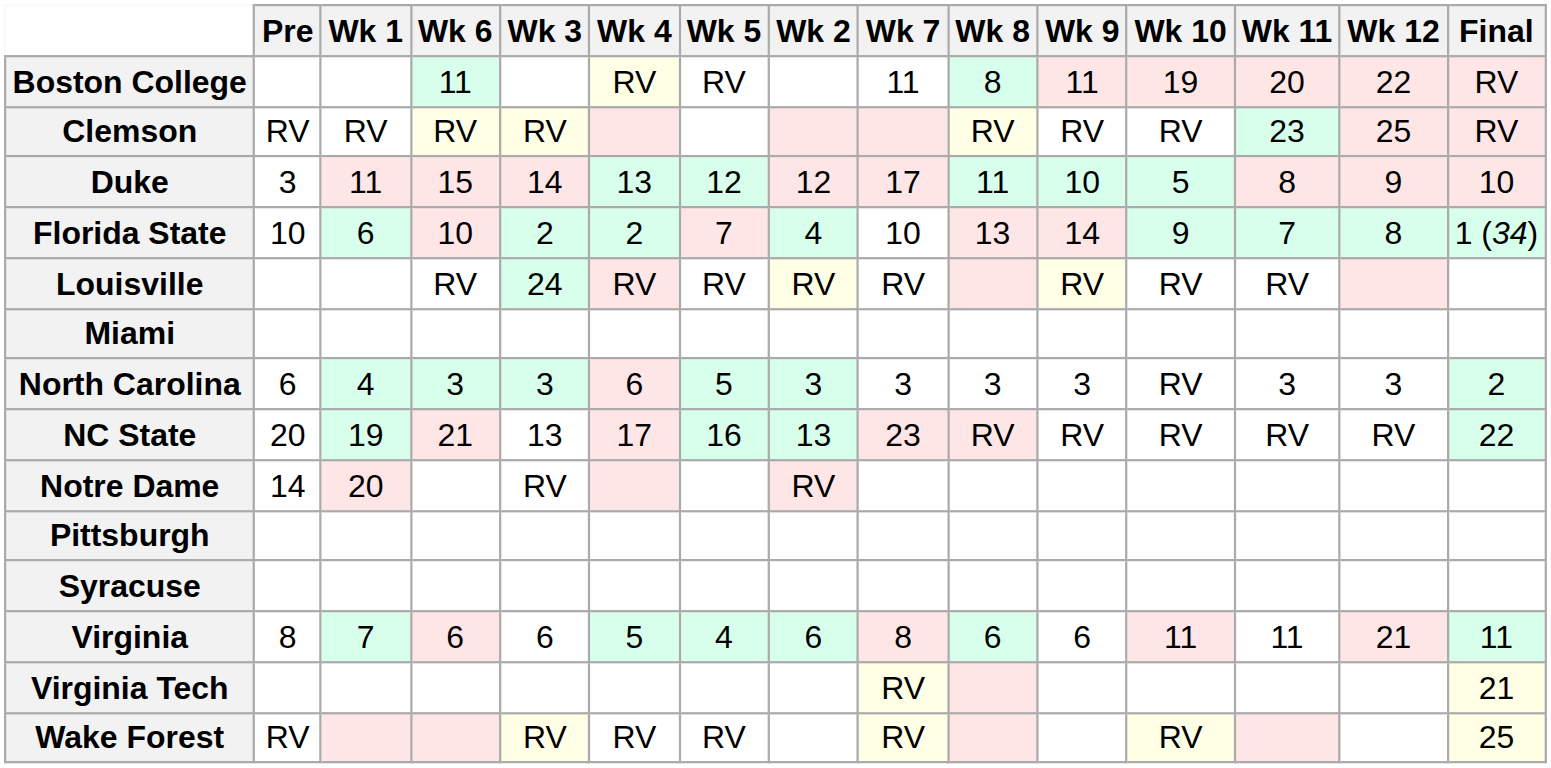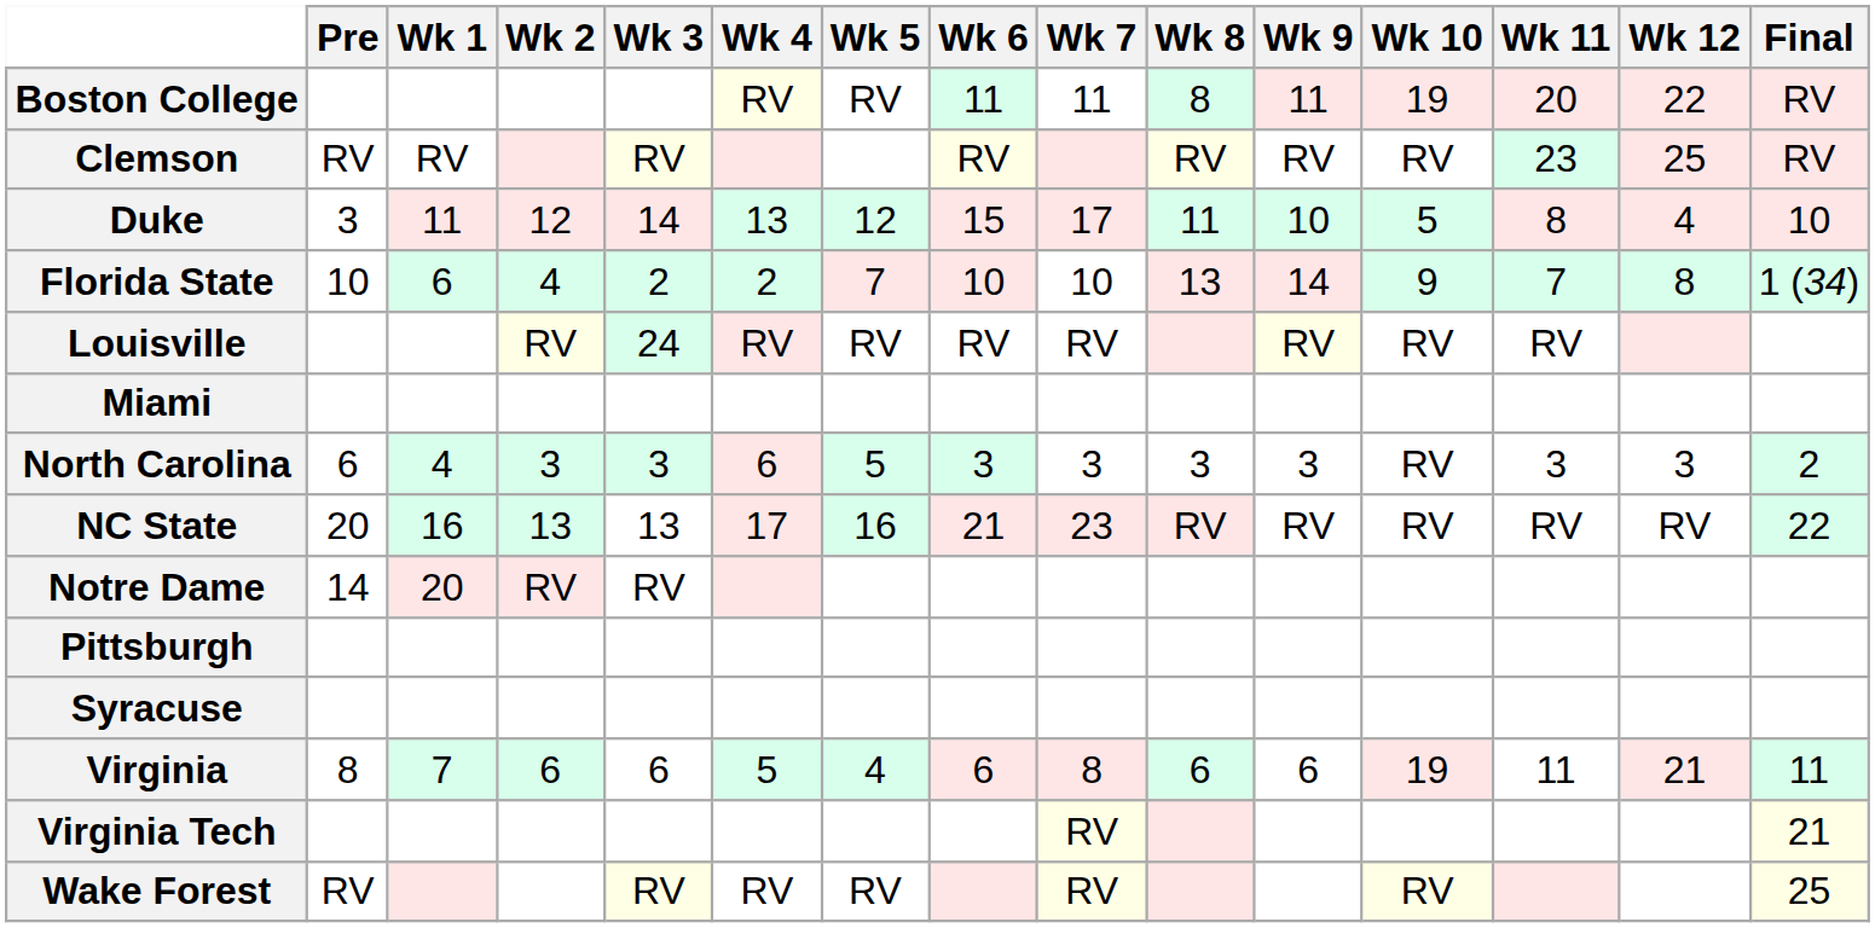 <table class="wikitable" style="white-space:nowrap;font-size:90%;">
 <tr>
 <th colspan=1 style="background:white; border-top-style:hidden; border-left-style:hidden;"> </th>
 <th>Pre <br></th>
 <th>Wk 1 <br></th>
-<th>Wk 6 <br></th>
+<th>Wk 2 <br></th>
 <th>Wk 3 <br></th>
 <th>Wk 4 <br></th>
 <th>Wk 5 <br></th>
-<th>Wk 2 <br></th>
+<th>Wk 6 <br></th>
 <th>Wk 7 <br></th>
 <th>Wk 8 <br></th>
 <th>Wk 9 <br></th>
 <th>Wk 10 <br></th>
 <th>Wk 11 <br></th>
 <th>Wk 12 <br></th>
 <th>Final <br></th>
 </tr>
 <tr style="text-align:center;">
 <th>Boston College</th>
 <td style="background:#FFF;"></td>
 <td style="background:#FFF;"></td>
-<td style="background:#D8FFEB;"> 11</td>
+<td style="background:#FFF;"></td>
 <td style="background:#FFF;"></td>
 <td style="background:#FFFFE6;"> RV</td>
 <td style="background:#FFF;"> RV</td>
-<td style="background:#FFF;"></td>
+<td style="background:#D8FFEB;"> 11</td>
 <td style="background:#FFF;"> 11</td>
 <td style="background:#D8FFEB;"> 8</td>
 <td style="background:#FFE6E6;"> 11</td>
 <td style="background:#FFE6E6;"> 19</td>
 <td style="background:#FFE6E6;"> 20</td>
 <td style="background:#FFE6E6;"> 22</td>
 <td style="background:#FFE6E6;"> RV</td>
 </tr>
 <tr style="text-align:center;">
 <th>Clemson</th>
 <td style="background:#FFF;"> RV</td>
 <td style="background:#FFF;"> RV</td>
-<td style="background:#FFFFE6;"> RV</td>
+<td style="background:#FFE6E6;"></td>
 <td style="background:#FFFFE6;"> RV</td>
 <td style="background:#FFE6E6;"></td>
 <td style="background:#FFF;"></td>
-<td style="background:#FFE6E6;"></td>
+<td style="background:#FFFFE6;"> RV</td>
 <td style="background:#FFE6E6;"></td>
 <td style="background:#FFFFE6;"> RV</td>
 <td style="background:#FFF;"> RV</td>
 <td style="background:#FFF;"> RV</td>
 <td style="background:#D8FFEB;"> 23</td>
 <td style="background:#FFE6E6;"> 25</td>
 <td style="background:#FFE6E6;"> RV</td>
 </tr>
 <tr style="text-align:center;">
 <th>Duke</th>
 <td style="background:#FFF;"> 3</td>
 <td style="background:#FFE6E6;"> 11</td>
-<td style="background:#FFE6E6;"> 15</td>
+<td style="background:#FFE6E6;"> 12</td>
 <td style="background:#FFE6E6;"> 14</td>
 <td style="background:#D8FFEB;"> 13</td>
 <td style="background:#D8FFEB;"> 12</td>
-<td style="background:#FFE6E6;"> 12</td>
+<td style="background:#FFE6E6;"> 15</td>
 <td style="background:#FFE6E6;"> 17</td>
 <td style="background:#D8FFEB;"> 11</td>
 <td style="background:#D8FFEB;"> 10</td>
 <td style="background:#D8FFEB;"> 5</td>
 <td style="background:#FFE6E6;"> 8</td>
-<td style="background:#FFE6E6;"> 9</td>
+<td style="background:#FFE6E6;"> 4</td>
 <td style="background:#FFE6E6;"> 10</td>
 </tr>
 <tr style="text-align:center;">
 <th>Florida State</th>
 <td style="background:#FFF;"> 10</td>
 <td style="background:#D8FFEB;"> 6</td>
-<td style="background:#FFE6E6;"> 10</td>
+<td style="background:#D8FFEB;"> 4</td>
 <td style="background:#D8FFEB;"> 2</td>
 <td style="background:#D8FFEB;"> 2</td>
 <td style="background:#FFE6E6;"> 7</td>
-<td style="background:#D8FFEB;"> 4</td>
+<td style="background:#FFE6E6;"> 10</td>
 <td style="background:#FFF;"> 10</td>
 <td style="background:#FFE6E6;"> 13</td>
 <td style="background:#FFE6E6;"> 14</td>
 <td style="background:#D8FFEB;"> 9</td>
 <td style="background:#D8FFEB;"> 7</td>
 <td style="background:#D8FFEB;"> 8</td>
 <td style="background:#D8FFEB;"> 1 (<em>34</em>)</td>
 </tr>
 <tr style="text-align:center;">
 <th>Louisville</th>
 <td style="background:#FFF;"></td>
 <td style="background:#FFF;"></td>
-<td style="background:#FFF;"> RV</td>
+<td style="background:#FFFFE6;"> RV</td>
 <td style="background:#D8FFEB;"> 24</td>
 <td style="background:#FFE6E6;"> RV</td>
 <td style="background:#FFF;"> RV</td>
-<td style="background:#FFFFE6;"> RV</td>
+<td style="background:#FFF;"> RV</td>
 <td style="background:#FFF;"> RV</td>
 <td style="background:#FFE6E6;"></td>
 <td style="background:#FFFFE6;"> RV</td>
 <td style="background:#FFF;"> RV</td>
 <td style="background:#FFF;"> RV</td>
 <td style="background:#FFE6E6;"></td>
 <td style="background:#FFF;"></td>
 </tr>
 <tr style="text-align:center;">
 <th>Miami</th>
 <td style="background:#FFF;"></td>
 <td style="background:#FFF;"></td>
 <td style="background:#FFF;"></td>
 <td style="background:#FFF;"></td>
 <td style="background:#FFF;"></td>
 <td style="background:#FFF;"></td>
 <td style="background:#FFF;"></td>
 <td style="background:#FFF;"></td>
 <td style="background:#FFF;"></td>
 <td style="background:#FFF;"></td>
 <td style="background:#FFF;"></td>
 <td style="background:#FFF;"></td>
 <td style="background:#FFF;"></td>
 <td style="background:#FFF;"></td>
 </tr>
 <tr style="text-align:center;">
 <th>North Carolina</th>
 <td style="background:#FFF;"> 6</td>
 <td style="background:#D8FFEB;"> 4</td>
 <td style="background:#D8FFEB;"> 3</td>
 <td style="background:#D8FFEB;"> 3</td>
 <td style="background:#FFE6E6;"> 6</td>
 <td style="background:#D8FFEB;"> 5</td>
 <td style="background:#D8FFEB;"> 3</td>
 <td style="background:#FFF;"> 3</td>
 <td style="background:#FFF;"> 3</td>
 <td style="background:#FFF;"> 3</td>
 <td style="background:#FFF;"> RV</td>
 <td style="background:#FFF;"> 3</td>
 <td style="background:#FFF;"> 3</td>
 <td style="background:#D8FFEB;"> 2</td>
 </tr>
 <tr style="text-align:center;">
 <th>NC State</th>
 <td style="background:#FFF;"> 20</td>
-<td style="background:#D8FFEB;"> 19</td>
-<td style="background:#FFE6E6;"> 21</td>
+<td style="background:#D8FFEB;"> 16</td>
+<td style="background:#D8FFEB;"> 13</td>
 <td style="background:#FFF;"> 13</td>
 <td style="background:#FFE6E6;"> 17</td>
 <td style="background:#D8FFEB;"> 16</td>
-<td style="background:#D8FFEB;"> 13</td>
+<td style="background:#FFE6E6;"> 21</td>
 <td style="background:#FFE6E6;"> 23</td>
 <td style="background:#FFE6E6;"> RV</td>
 <td style="background:#FFF;"> RV</td>
 <td style="background:#FFF;"> RV</td>
 <td style="background:#FFF;"> RV</td>
 <td style="background:#FFF;"> RV</td>
 <td style="background:#D8FFEB;"> 22</td>
 </tr>
 <tr style="text-align:center;">
 <th>Notre Dame</th>
 <td style="background:#FFF;"> 14</td>
 <td style="background:#FFE6E6;"> 20</td>
-<td style="background:#FFF;"></td>
+<td style="background:#FFE6E6;"> RV</td>
 <td style="background:#FFF;"> RV</td>
 <td style="background:#FFE6E6;"></td>
 <td style="background:#FFF;"></td>
-<td style="background:#FFE6E6;"> RV</td>
+<td style="background:#FFF;"></td>
 <td style="background:#FFF;"></td>
 <td style="background:#FFF;"></td>
 <td style="background:#FFF;"></td>
 <td style="background:#FFF;"></td>
 <td style="background:#FFF;"></td>
 <td style="background:#FFF;"></td>
 <td style="background:#FFF;"></td>
 </tr>
 <tr style="text-align:center;">
 <th>Pittsburgh</th>
 <td style="background:#FFF;"></td>
 <td style="background:#FFF;"></td>
 <td style="background:#FFF;"></td>
 <td style="background:#FFF;"></td>
 <td style="background:#FFF;"></td>
 <td style="background:#FFF;"></td>
 <td style="background:#FFF;"></td>
 <td style="background:#FFF;"></td>
 <td style="background:#FFF;"></td>
 <td style="background:#FFF;"></td>
 <td style="background:#FFF;"></td>
 <td style="background:#FFF;"></td>
 <td style="background:#FFF;"></td>
 <td style="background:#FFF;"></td>
 </tr>
 <tr style="text-align:center;">
 <th>Syracuse</th>
 <td style="background:#FFF;"></td>
 <td style="background:#FFF;"></td>
 <td style="background:#FFF;"></td>
 <td style="background:#FFF;"></td>
 <td style="background:#FFF;"></td>
 <td style="background:#FFF;"></td>
 <td style="background:#FFF;"></td>
 <td style="background:#FFF;"></td>
 <td style="background:#FFF;"></td>
 <td style="background:#FFF;"></td>
 <td style="background:#FFF;"></td>
 <td style="background:#FFF;"></td>
 <td style="background:#FFF;"></td>
 <td style="background:#FFF;"></td>
 </tr>
 <tr style="text-align:center;">
 <th>Virginia</th>
 <td style="background:#FFF;"> 8</td>
 <td style="background:#D8FFEB;"> 7</td>
-<td style="background:#FFE6E6;"> 6</td>
+<td style="background:#D8FFEB;"> 6</td>
 <td style="background:#FFF;"> 6</td>
 <td style="background:#D8FFEB;"> 5</td>
 <td style="background:#D8FFEB;"> 4</td>
-<td style="background:#D8FFEB;"> 6</td>
+<td style="background:#FFE6E6;"> 6</td>
 <td style="background:#FFE6E6;"> 8</td>
 <td style="background:#D8FFEB;"> 6</td>
 <td style="background:#FFF;"> 6</td>
-<td style="background:#FFE6E6;"> 11</td>
+<td style="background:#FFE6E6;"> 19</td>
 <td style="background:#FFF;"> 11</td>
 <td style="background:#FFE6E6;"> 21</td>
 <td style="background:#D8FFEB;"> 11</td>
 </tr>
 <tr style="text-align:center;">
 <th>Virginia Tech</th>
 <td style="background:#FFF;"></td>
 <td style="background:#FFF;"></td>
 <td style="background:#FFF;"></td>
 <td style="background:#FFF;"></td>
 <td style="background:#FFF;"></td>
 <td style="background:#FFF;"></td>
 <td style="background:#FFF;"></td>
 <td style="background:#FFFFE6;"> RV</td>
 <td style="background:#FFE6E6;"></td>
 <td style="background:#FFF;"></td>
 <td style="background:#FFF;"></td>
 <td style="background:#FFF;"></td>
 <td style="background:#FFF;"></td>
 <td style="background:#FFFFE6;"> 21</td>
 </tr>
 <tr style="text-align:center;">
 <th>Wake Forest</th>
 <td style="background:#FFF;"> RV</td>
 <td style="background:#FFE6E6;"></td>
-<td style="background:#FFE6E6;"></td>
+<td style="background:#FFF;"></td>
 <td style="background:#FFFFE6;"> RV</td>
 <td style="background:#FFF;"> RV</td>
 <td style="background:#FFF;"> RV</td>
-<td style="background:#FFF;"></td>
+<td style="background:#FFE6E6;"></td>
 <td style="background:#FFFFE6;"> RV</td>
 <td style="background:#FFE6E6;"></td>
 <td style="background:#FFF;"></td>
 <td style="background:#FFFFE6;"> RV</td>
 <td style="background:#FFE6E6;"></td>
 <td style="background:#FFF;"></td>
 <td style="background:#FFFFE6;"> 25</td>
 </tr>
 </table>
